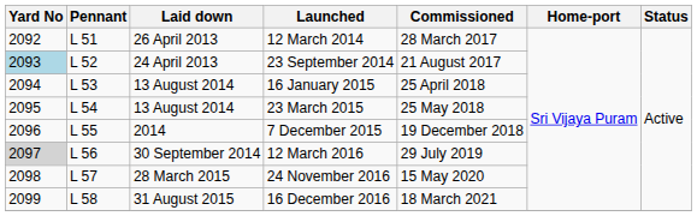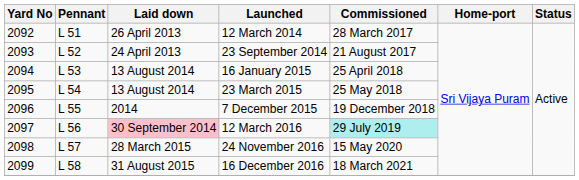 <table class="wikitable">
 <tr>
 <th>Yard No</th>
 <th>Pennant</th>
 <th>Laid down</th>
 <th>Launched</th>
 <th>Commissioned</th>
 <th>Home-port</th>
 <th>Status</th>
 </tr>
 <tr>
 <td>2092</td>
 <td>L 51</td>
 <td>26 April 2013</td>
 <td>12 March 2014</td>
 <td>28 March 2017</td>
 <td rowspan="8"><a href='#'>Sri Vijaya Puram</a></td>
 <td rowspan="8">Active</td>
 </tr>
 <tr>
-<td style="background: lightblue;">2093</td>
+<td>2093</td>
 <td>L 52</td>
 <td>24 April 2013</td>
 <td>23 September 2014</td>
 <td>21 August 2017</td>
 </tr>
 <tr>
 <td>2094</td>
 <td>L 53</td>
 <td>13 August 2014</td>
 <td>16 January 2015</td>
 <td>25 April 2018</td>
 </tr>
 <tr>
 <td>2095</td>
 <td>L 54</td>
 <td>13 August 2014</td>
 <td>23 March 2015</td>
 <td>25 May 2018</td>
 </tr>
 <tr>
 <td>2096</td>
 <td>L 55</td>
 <td>2014</td>
 <td>7 December 2015</td>
 <td>19 December 2018</td>
 </tr>
 <tr>
-<td style="background: lightgrey;">2097</td>
+<td>2097</td>
 <td>L 56</td>
-<td>30 September 2014</td>
+<td style="background: pink;">30 September 2014</td>
 <td>12 March 2016</td>
-<td>29 July 2019</td>
+<td style="background: paleturquoise;">29 July 2019</td>
 </tr>
 <tr>
 <td>2098</td>
 <td>L 57</td>
 <td>28 March 2015</td>
 <td>24 November 2016</td>
 <td>15 May 2020</td>
 </tr>
 <tr>
 <td>2099</td>
 <td>L 58</td>
 <td>31 August 2015</td>
 <td>16 December 2016</td>
 <td>18 March 2021</td>
 </tr>
 <tr>
 </tr>
 </table>
